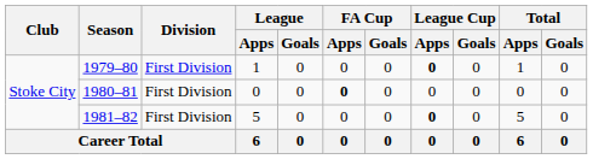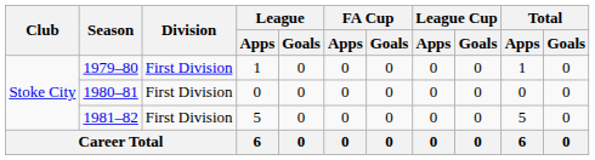 <table class="wikitable" style="text-align: center;">
 <tr>
 <th rowspan="2">Club</th>
 <th rowspan="2">Season</th>
 <th rowspan="2">Division</th>
 <th colspan="2">League</th>
 <th colspan="2">FA Cup</th>
 <th colspan="2">League Cup</th>
 <th colspan="2">Total</th>
 </tr>
 <tr>
 <th>Apps</th>
 <th>Goals</th>
 <th>Apps</th>
 <th>Goals</th>
 <th>Apps</th>
 <th>Goals</th>
 <th>Apps</th>
 <th>Goals</th>
 </tr>
 <tr>
 <td rowspan="3"><a href='#'>Stoke City</a></td>
 <td><a href='#'>1979–80</a></td>
 <td><a href='#'>First Division</a></td>
 <td>1</td>
 <td>0</td>
 <td>0</td>
 <td>0</td>
-<td><strong>0</strong></td>
+<td>0</td>
 <td>0</td>
 <td>1</td>
 <td>0</td>
 </tr>
 <tr>
 <td><a href='#'>1980–81</a></td>
 <td>First Division</td>
 <td>0</td>
 <td>0</td>
-<td><strong>0</strong></td>
+<td>0</td>
 <td>0</td>
 <td>0</td>
 <td>0</td>
 <td>0</td>
 <td>0</td>
 </tr>
 <tr>
 <td><a href='#'>1981–82</a></td>
 <td>First Division</td>
 <td>5</td>
 <td>0</td>
 <td>0</td>
 <td>0</td>
-<td><strong>0</strong></td>
+<td>0</td>
 <td>0</td>
 <td>5</td>
 <td>0</td>
 </tr>
 <tr>
 <th colspan="3">Career Total</th>
 <th>6</th>
 <th>0</th>
 <th>0</th>
 <th>0</th>
 <th>0</th>
 <th>0</th>
 <th>6</th>
 <th>0</th>
 </tr>
 </table>
